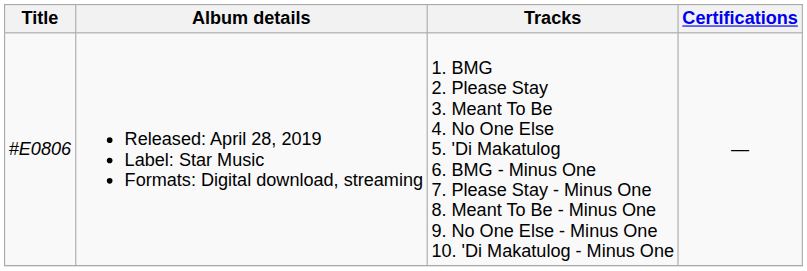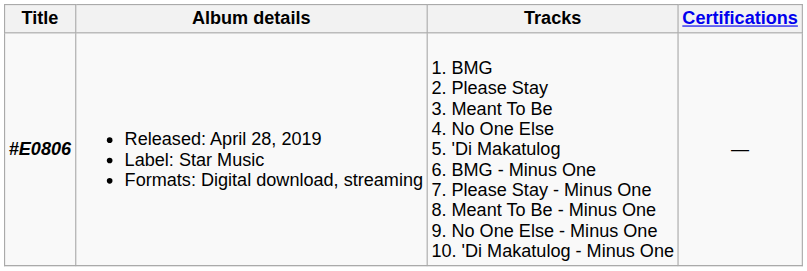 <table class="wikitable plainrowheaders">
 <tr>
 <th>Title</th>
 <th>Album details</th>
 <th>Tracks</th>
 <th><a href='#'>Certifications</a></th>
 </tr>
 <tr>
-<td><em>#E0806</em></td>
+<td><strong><em>#E0806</em></strong></td>
 <td><br><ul><li>Released: April 28, 2019</li><li>Label: Star Music</li><li>Formats: Digital download, streaming</li></ul></td>
 <td><br>1. BMG <br> 2. Please Stay <br> 3. Meant To Be <br> 4. No One Else <br> 5. 'Di Makatulog <br> 6. BMG - Minus One <br> 7. Please Stay - Minus One<br> 8. Meant To Be - Minus One <br> 9. No One Else - Minus One<br> 10. 'Di Makatulog - Minus One</td>
 <td style="text-align:center;">—</td>
 </tr>
 <tr>
 </tr>
 </table>
